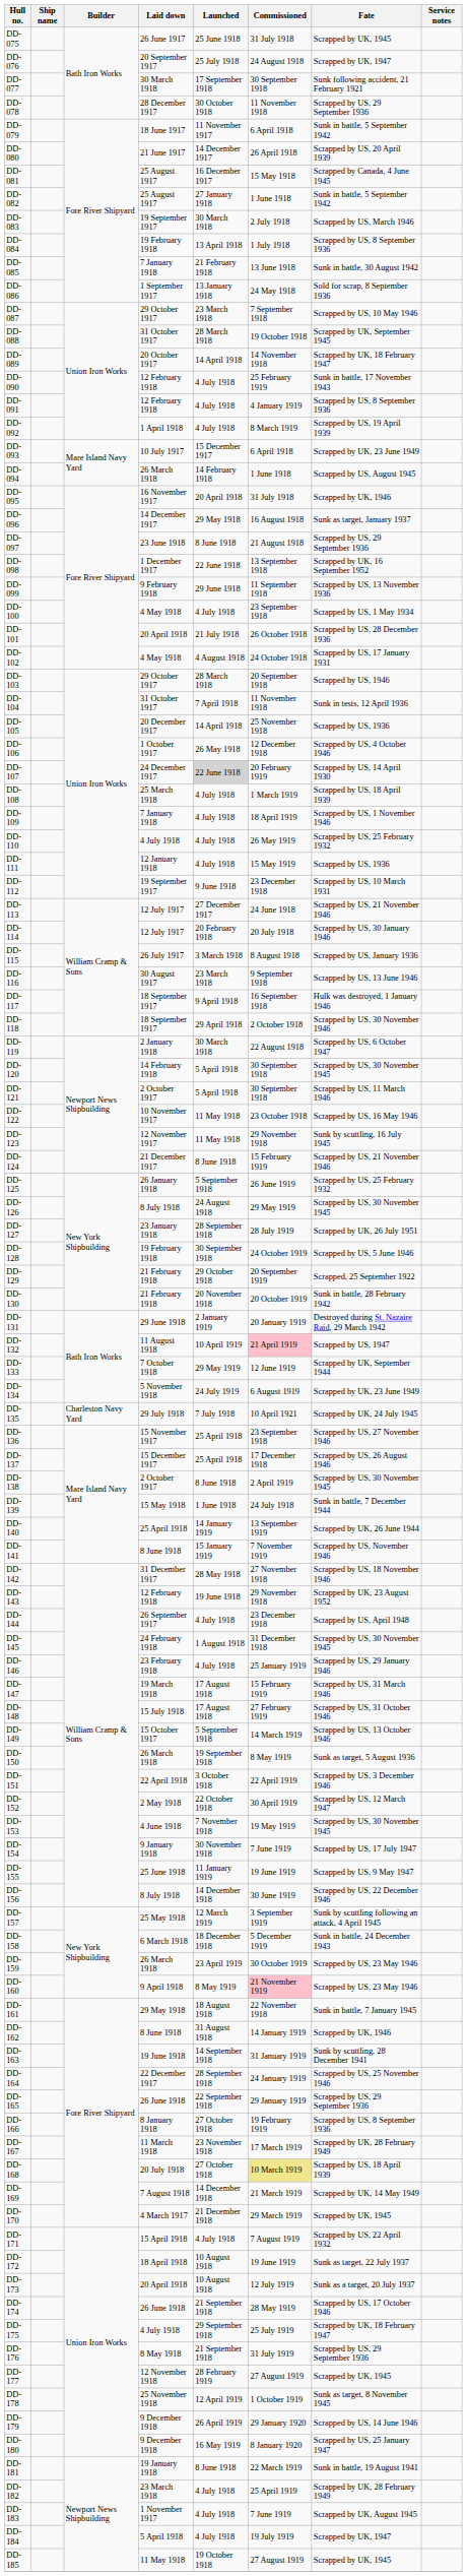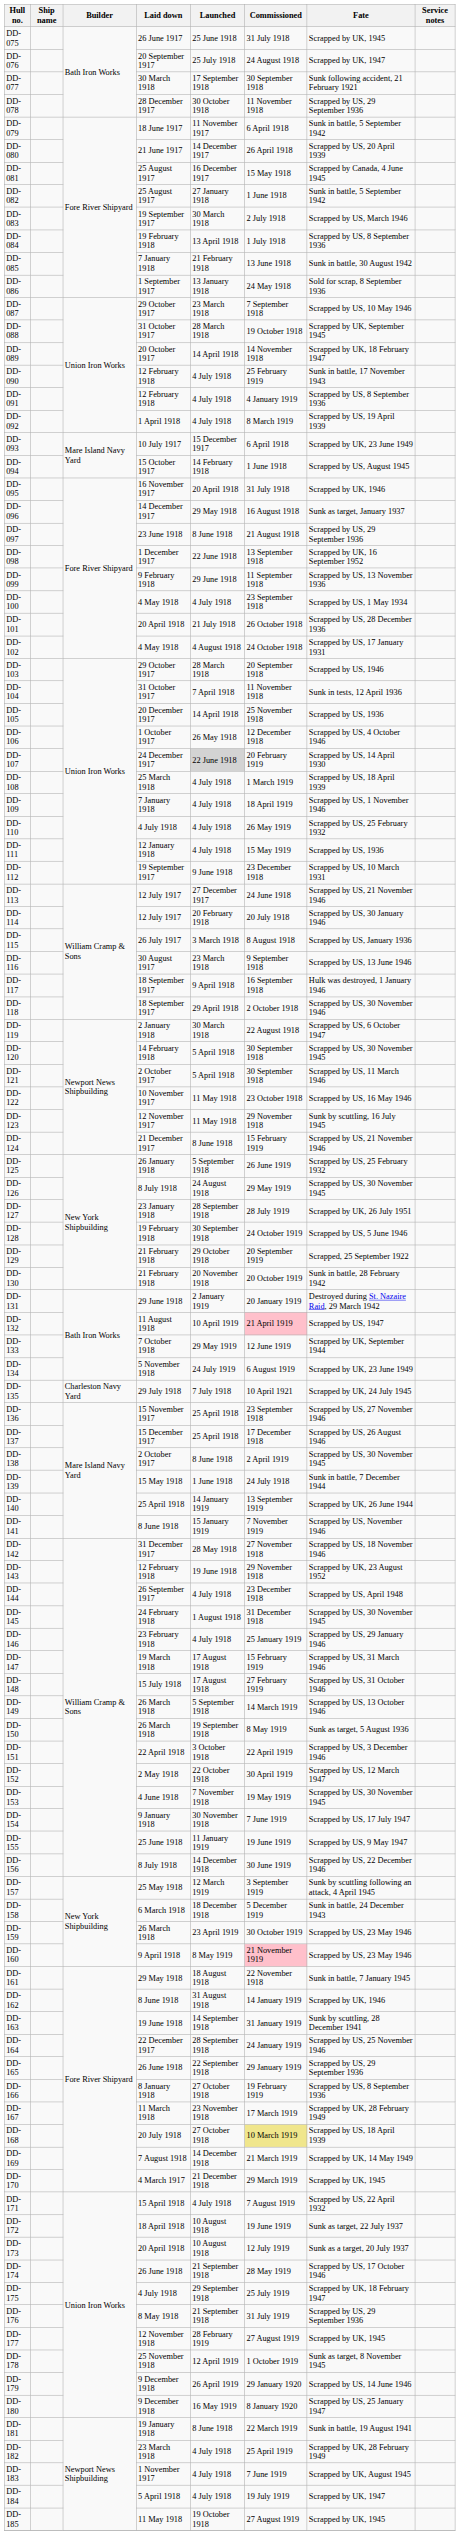 <table class="sortable wikitable">
 <tr>
 <th>Hull no.</th>
 <th>Ship name</th>
 <th>Builder</th>
 <th>Laid down</th>
 <th>Launched</th>
 <th>Commissioned</th>
 <th>Fate</th>
 <th>Service notes</th>
 </tr>
 <tr>
 <td>DD-075</td>
 <td></td>
 <td rowspan=4>Bath Iron Works</td>
 <td>26 June 1917</td>
 <td>25 June 1918</td>
 <td>31 July 1918</td>
 <td>Scrapped by UK, 1945</td>
 <td></td>
 </tr>
 <tr>
 <td>DD-076</td>
 <td></td>
 <td>20 September 1917</td>
 <td>25 July 1918</td>
 <td>24 August 1918</td>
 <td>Scrapped by UK, 1947</td>
 <td></td>
 </tr>
 <tr>
 <td>DD-077</td>
 <td></td>
 <td>30 March 1918</td>
 <td>17 September 1918</td>
 <td>30 September 1918</td>
 <td>Sunk following accident, 21 February 1921</td>
 <td></td>
 </tr>
 <tr>
 <td>DD-078</td>
 <td></td>
 <td>28 December 1917</td>
 <td>30 October 1918</td>
 <td>11 November 1918</td>
 <td>Scrapped by US, 29 September 1936</td>
 <td> </td>
 </tr>
 <tr>
 <td>DD-079</td>
 <td></td>
 <td rowspan=8>Fore River Shipyard</td>
 <td>18 June 1917</td>
 <td>11 November 1917</td>
 <td>6 April 1918</td>
 <td>Sunk in battle, 5 September 1942</td>
 <td></td>
 </tr>
 <tr>
 <td>DD-080</td>
 <td></td>
 <td>21 June 1917</td>
 <td>14 December 1917</td>
 <td>26 April 1918</td>
 <td>Scrapped by US, 20 April 1939</td>
 <td></td>
 </tr>
 <tr>
 <td>DD-081</td>
 <td></td>
 <td>25 August 1917</td>
 <td>16 December 1917</td>
 <td>15 May 1918</td>
 <td>Scrapped by Canada, 4 June 1945</td>
 <td> </td>
 </tr>
 <tr>
 <td>DD-082</td>
 <td></td>
 <td>25 August 1917</td>
 <td>27 January 1918</td>
 <td>1 June 1918</td>
 <td>Sunk in battle, 5 September 1942</td>
 <td> </td>
 </tr>
 <tr>
 <td>DD-083</td>
 <td></td>
 <td>19 September 1917</td>
 <td>30 March 1918</td>
 <td>2 July 1918</td>
 <td>Scrapped by US, March 1946</td>
 <td> </td>
 </tr>
 <tr>
 <td>DD-084</td>
 <td></td>
 <td>19 February 1918</td>
 <td>13 April 1918</td>
 <td>1 July 1918</td>
 <td>Scrapped by US, 8 September 1936</td>
 <td></td>
 </tr>
 <tr>
 <td>DD-085</td>
 <td></td>
 <td>7 January 1918</td>
 <td>21 February 1918</td>
 <td>13 June 1918</td>
 <td>Sunk in battle, 30 August 1942</td>
 <td></td>
 </tr>
 <tr>
 <td>DD-086</td>
 <td></td>
 <td>1 September 1917</td>
 <td>13 January 1918</td>
 <td>24 May 1918</td>
 <td>Sold for scrap, 8 September 1936</td>
 <td></td>
 </tr>
 <tr>
 <td>DD-087</td>
 <td></td>
 <td rowspan=6>Union Iron Works</td>
 <td>29 October 1917</td>
 <td>23 March 1918</td>
 <td>7 September 1918</td>
 <td>Scrapped by US, 10 May 1946</td>
 <td></td>
 </tr>
 <tr>
 <td>DD-088</td>
 <td></td>
 <td>31 October 1917</td>
 <td>28 March 1918</td>
 <td>19 October 1918</td>
 <td>Scrapped by UK, September 1945</td>
 <td></td>
 </tr>
 <tr>
 <td>DD-089</td>
 <td></td>
 <td>20 October 1917</td>
 <td>14 April 1918</td>
 <td>14 November 1918</td>
 <td>Scrapped by UK, 18 February 1947</td>
 <td></td>
 </tr>
 <tr>
 <td>DD-090</td>
 <td></td>
 <td>12 February 1918</td>
 <td>4 July 1918</td>
 <td>25 February 1919</td>
 <td>Sunk in battle, 17 November 1943</td>
 <td></td>
 </tr>
 <tr>
 <td>DD-091</td>
 <td></td>
 <td>12 February 1918</td>
 <td>4 July 1918</td>
 <td>4 January 1919</td>
 <td>Scrapped by US, 8 September 1936</td>
 <td></td>
 </tr>
 <tr>
 <td>DD-092</td>
 <td></td>
 <td>1 April 1918</td>
 <td>4 July 1918</td>
 <td>8 March 1919</td>
 <td>Scrapped by US, 19 April 1939</td>
 <td></td>
 </tr>
 <tr>
 <td>DD-093</td>
 <td></td>
 <td rowspan=2>Mare Island Navy Yard</td>
 <td>10 July 1917</td>
 <td>15 December 1917</td>
 <td>6 April 1918</td>
 <td>Scrapped by UK, 23 June 1949</td>
 <td> </td>
 </tr>
 <tr>
 <td>DD-094</td>
 <td></td>
-<td>26 March 1918</td>
+<td>15 October 1917</td>
 <td>14 February 1918</td>
 <td>1 June 1918</td>
 <td>Scrapped by US, August 1945</td>
 <td> </td>
 </tr>
 <tr>
 <td>DD-095</td>
 <td></td>
 <td rowspan=8>Fore River Shipyard</td>
 <td>16 November 1917</td>
 <td>20 April 1918</td>
 <td>31 July 1918</td>
 <td>Scrapped by UK, 1946</td>
 <td> </td>
 </tr>
 <tr>
 <td>DD-096</td>
 <td></td>
 <td>14 December 1917</td>
 <td>29 May 1918</td>
 <td>16 August 1918</td>
 <td>Sunk as target, January 1937</td>
 <td></td>
 </tr>
 <tr>
 <td>DD-097</td>
 <td></td>
 <td>23 June 1918</td>
 <td>8 June 1918</td>
 <td>21 August 1918</td>
 <td>Scrapped by US, 29 September 1936</td>
 <td></td>
 </tr>
 <tr>
 <td>DD-098</td>
 <td></td>
 <td>1 December 1917</td>
 <td>22 June 1918</td>
 <td>13 September 1918</td>
 <td>Scrapped by UK, 16 September 1952</td>
 <td></td>
 </tr>
 <tr>
 <td>DD-099</td>
 <td></td>
 <td>9 February 1918</td>
 <td>29 June 1918</td>
 <td>11 September 1918</td>
 <td>Scrapped by US, 13 November 1936</td>
 <td></td>
 </tr>
 <tr>
 <td>DD-100</td>
 <td></td>
 <td>4 May 1918</td>
 <td>4 July 1918</td>
 <td>23 September 1918</td>
 <td>Scrapped by US, 1 May 1934</td>
 <td></td>
 </tr>
 <tr>
 <td>DD-101</td>
 <td></td>
 <td>20 April 1918</td>
 <td>21 July 1918</td>
 <td>26 October 1918</td>
 <td>Scrapped by US, 28 December 1936</td>
 <td></td>
 </tr>
 <tr>
 <td>DD-102</td>
 <td></td>
 <td>4 May 1918</td>
 <td>4 August 1918</td>
 <td>24 October 1918</td>
 <td>Scrapped by US, 17 January 1931</td>
 <td></td>
 </tr>
 <tr>
 <td>DD-103</td>
 <td></td>
 <td rowspan=10>Union Iron Works</td>
 <td>29 October 1917</td>
 <td>28 March 1918</td>
 <td>20 September 1918</td>
 <td>Scrapped by US, 1946</td>
 <td></td>
 </tr>
 <tr>
 <td>DD-104</td>
 <td></td>
 <td>31 October 1917</td>
 <td>7 April 1918</td>
 <td>11 November 1918</td>
 <td>Sunk in tests, 12 April 1936</td>
 <td> </td>
 </tr>
 <tr>
 <td>DD-105</td>
 <td></td>
 <td>20 December 1917</td>
 <td>14 April 1918</td>
 <td>25 November 1918</td>
 <td>Scrapped by US, 1936</td>
 <td></td>
 </tr>
 <tr>
 <td>DD-106</td>
 <td></td>
 <td>1 October 1917</td>
 <td>26 May 1918</td>
 <td>12 December 1918</td>
 <td>Scrapped by US, 4 October 1946</td>
 <td> </td>
 </tr>
 <tr>
 <td>DD-107</td>
 <td></td>
 <td>24 December 1917</td>
 <td style="background: lightgrey;">22 June 1918</td>
 <td>20 February 1919</td>
 <td>Scrapped by US, 14 April 1930</td>
 <td></td>
 </tr>
 <tr>
 <td>DD-108</td>
 <td></td>
 <td>25 March 1918</td>
 <td>4 July 1918</td>
 <td>1 March 1919</td>
 <td>Scrapped by US, 18 April 1939</td>
 <td> </td>
 </tr>
 <tr>
 <td>DD-109</td>
 <td></td>
 <td>7 January 1918</td>
 <td>4 July 1918</td>
 <td>18 April 1919</td>
 <td>Scrapped by US, 1 November 1946</td>
 <td></td>
 </tr>
 <tr>
 <td>DD-110</td>
 <td></td>
 <td>4 July 1918</td>
 <td>4 July 1918</td>
 <td>26 May 1919</td>
 <td>Scrapped by US, 25 February 1932</td>
 <td></td>
 </tr>
 <tr>
 <td>DD-111</td>
 <td></td>
 <td>12 January 1918</td>
 <td>4 July 1918</td>
 <td>15 May 1919</td>
 <td>Scrapped by US, 1936</td>
 <td></td>
 </tr>
 <tr>
 <td>DD-112</td>
 <td></td>
 <td>19 September 1917</td>
 <td>9 June 1918</td>
 <td>23 December 1918</td>
 <td>Scrapped by US, 10 March 1931</td>
 <td></td>
 </tr>
 <tr>
 <td>DD-113</td>
 <td></td>
 <td rowspan=6>William Cramp & Sons</td>
 <td>12 July 1917</td>
 <td>27 December 1917</td>
 <td>24 June 1918</td>
 <td>Scrapped by US, 21 November 1946</td>
 <td></td>
 </tr>
 <tr>
 <td>DD-114</td>
 <td></td>
 <td>12 July 1917</td>
 <td>20 February 1918</td>
 <td>20 July 1918</td>
 <td>Scrapped by US, 30 January 1946</td>
 <td> </td>
 </tr>
 <tr>
 <td>DD-115</td>
 <td></td>
 <td>26 July 1917</td>
 <td>3 March 1918</td>
 <td>8 August 1918</td>
 <td>Scrapped by US, January 1936</td>
 <td> </td>
 </tr>
 <tr>
 <td>DD-116</td>
 <td></td>
 <td>30 August 1917</td>
 <td>23 March 1918</td>
 <td>9 September 1918</td>
 <td>Scrapped by US, 13 June 1946</td>
 <td></td>
 </tr>
 <tr>
 <td>DD-117</td>
 <td></td>
 <td>18 September 1917</td>
 <td>9 April 1918</td>
 <td>16 September 1918</td>
 <td>Hulk was destroyed, 1 January 1946</td>
 <td></td>
 </tr>
 <tr>
 <td>DD-118</td>
 <td></td>
 <td>18 September 1917</td>
 <td>29 April 1918</td>
 <td>2 October 1918</td>
 <td>Scrapped by US, 30 November 1946</td>
 <td></td>
 </tr>
 <tr>
 <td>DD-119</td>
 <td></td>
 <td rowspan=6>Newport News Shipbuilding</td>
 <td>2 January 1918</td>
 <td>30 March 1918</td>
 <td>22 August 1918</td>
 <td>Scrapped by US, 6 October 1947</td>
 <td></td>
 </tr>
 <tr>
 <td>DD-120</td>
 <td></td>
 <td>14 February 1918</td>
 <td>5 April 1918</td>
 <td>30 September 1918</td>
 <td>Scrapped by US, 30 November 1945</td>
 <td></td>
 </tr>
 <tr>
 <td>DD-121</td>
 <td></td>
 <td>2 October 1917</td>
 <td>5 April 1918</td>
 <td>30 September 1918</td>
 <td>Scrapped by US, 11 March 1946</td>
 <td></td>
 </tr>
 <tr>
 <td>DD-122</td>
 <td></td>
 <td>10 November 1917</td>
 <td>11 May 1918</td>
 <td>23 October 1918</td>
 <td>Scrapped by US, 16 May 1946</td>
 <td> </td>
 </tr>
 <tr>
 <td>DD-123</td>
 <td></td>
 <td>12 November 1917</td>
 <td>11 May 1918</td>
 <td>29 November 1918</td>
 <td>Sunk by scuttling, 16 July 1945</td>
 <td></td>
 </tr>
 <tr>
 <td>DD-124</td>
 <td></td>
 <td>21 December 1917</td>
 <td>8 June 1918</td>
 <td>15 February 1919</td>
 <td>Scrapped by US, 21 November 1946</td>
 <td></td>
 </tr>
 <tr>
 <td>DD-125</td>
 <td></td>
 <td rowspan=6>New York Shipbuilding</td>
 <td>26 January 1918</td>
 <td>5 September 1918</td>
 <td>26 June 1919</td>
 <td>Scrapped by US, 25 February 1932</td>
 <td> </td>
 </tr>
 <tr>
 <td>DD-126</td>
 <td></td>
 <td>8 July 1918</td>
 <td>24 August 1918</td>
 <td>29 May 1919</td>
 <td>Scrapped by US, 30 November 1945</td>
 <td> </td>
 </tr>
 <tr>
 <td>DD-127</td>
 <td></td>
 <td>23 January 1918</td>
 <td>28 September 1918</td>
 <td>28 July 1919</td>
 <td>Scrapped by UK, 26 July 1951</td>
 <td> </td>
 </tr>
 <tr>
 <td>DD-128</td>
 <td></td>
 <td>19 February 1918</td>
 <td>30 September 1918</td>
 <td>24 October 1919</td>
 <td>Scrapped by US, 5 June 1946</td>
 <td> </td>
 </tr>
 <tr>
 <td>DD-129</td>
 <td></td>
 <td>21 February 1918</td>
 <td>29 October 1918</td>
 <td>20 September 1919</td>
 <td>Scrapped, 25 September 1922</td>
 <td></td>
 </tr>
 <tr>
 <td>DD-130</td>
 <td></td>
 <td>21 February 1918</td>
 <td>20 November 1918</td>
 <td>20 October 1919</td>
 <td>Sunk in battle, 28 February 1942</td>
 <td></td>
 </tr>
 <tr>
 <td>DD-131</td>
 <td></td>
 <td rowspan=4>Bath Iron Works</td>
 <td>29 June 1918</td>
 <td>2 January 1919</td>
 <td>20 January 1919</td>
 <td>Destroyed during <a href='#'>St. Nazaire Raid</a>, 29 March 1942</td>
 <td> </td>
 </tr>
 <tr>
 <td>DD-132</td>
 <td></td>
 <td>11 August 1918</td>
 <td>10 April 1919</td>
 <td style="background: pink;">21 April 1919</td>
 <td>Scrapped by US, 1947</td>
 <td></td>
 </tr>
 <tr>
 <td>DD-133</td>
 <td></td>
 <td>7 October 1918</td>
 <td>29 May 1919</td>
 <td>12 June 1919</td>
 <td>Scrapped by UK, September 1944</td>
 <td> </td>
 </tr>
 <tr>
 <td>DD-134</td>
 <td></td>
 <td>5 November 1918</td>
 <td>24 July 1919</td>
 <td>6 August 1919</td>
 <td>Scrapped by UK, 23 June 1949</td>
 <td> </td>
 </tr>
 <tr>
 <td>DD-135</td>
 <td></td>
 <td>Charleston Navy Yard</td>
 <td>29 July 1918</td>
 <td>7 July 1918</td>
 <td>10 April 1921</td>
 <td>Scrapped by UK, 24 July 1945</td>
 <td> </td>
 </tr>
 <tr>
 <td>DD-136</td>
 <td></td>
 <td rowspan=6>Mare Island Navy Yard</td>
 <td>15 November 1917</td>
 <td>25 April 1918</td>
 <td>23 September 1918</td>
 <td>Scrapped by US, 27 November 1946</td>
 <td> </td>
 </tr>
 <tr>
 <td>DD-137</td>
 <td></td>
 <td>15 December 1917</td>
 <td>25 April 1918</td>
 <td>17 December 1918</td>
 <td>Scrapped by US, 26 August 1946</td>
 <td></td>
 </tr>
 <tr>
 <td>DD-138</td>
 <td></td>
 <td>2 October 1917</td>
 <td>8 June 1918</td>
 <td>2 April 1919</td>
 <td>Scrapped by US, 30 November 1945</td>
 <td></td>
 </tr>
 <tr>
 <td>DD-139</td>
 <td></td>
 <td>15 May 1918</td>
 <td>1 June 1918</td>
 <td>24 July 1918</td>
 <td>Sunk in battle, 7 December 1944</td>
 <td></td>
 </tr>
 <tr>
 <td>DD-140</td>
 <td></td>
 <td>25 April 1918</td>
 <td>14 January 1919</td>
 <td>13 September 1919</td>
 <td>Scrapped by UK, 26 June 1944</td>
 <td> </td>
 </tr>
 <tr>
 <td>DD-141</td>
 <td></td>
 <td>8 June 1918</td>
 <td>15 January 1919</td>
 <td>7 November 1919</td>
 <td>Scrapped by US, November 1946</td>
 <td></td>
 </tr>
 <tr>
 <td>DD-142</td>
 <td></td>
 <td rowspan=15>William Cramp & Sons</td>
 <td>31 December 1917</td>
 <td>28 May 1918</td>
 <td>27 November 1918</td>
 <td>Scrapped by US, 18 November 1946</td>
 <td> </td>
 </tr>
 <tr>
 <td>DD-143</td>
 <td></td>
 <td>12 February 1918</td>
 <td>19 June 1918</td>
 <td>29 November 1918</td>
 <td>Scrapped by UK, 23 August 1952</td>
 <td> </td>
 </tr>
 <tr>
 <td>DD-144</td>
 <td></td>
 <td>26 September 1917</td>
 <td>4 July 1918</td>
 <td>23 December 1918</td>
 <td>Scrapped by US, April 1948</td>
 <td> </td>
 </tr>
 <tr>
 <td>DD-145</td>
 <td></td>
 <td>24 February 1918</td>
 <td>1 August 1918</td>
 <td>31 December 1918</td>
 <td>Scrapped by US, 30 November 1945</td>
 <td> </td>
 </tr>
 <tr>
 <td>DD-146</td>
 <td></td>
 <td>23 February 1918</td>
 <td>4 July 1918</td>
 <td>25 January 1919</td>
 <td>Scrapped by US, 29 January 1946</td>
 <td></td>
 </tr>
 <tr>
 <td>DD-147</td>
 <td></td>
 <td>19 March 1918</td>
 <td>17 August 1918</td>
 <td>15 February 1919</td>
 <td>Scrapped by US, 31 March 1946</td>
 <td></td>
 </tr>
 <tr>
 <td>DD-148</td>
 <td></td>
 <td>15 July 1918</td>
 <td>17 August 1918</td>
 <td>27 February 1919</td>
 <td>Scrapped by US, 31 October 1946</td>
 <td> </td>
 </tr>
 <tr>
 <td>DD-149</td>
 <td></td>
-<td>15 October 1917</td>
+<td>26 March 1918</td>
 <td>5 September 1918</td>
 <td>14 March 1919</td>
 <td>Scrapped by US, 13 October 1946</td>
 <td> </td>
 </tr>
 <tr>
 <td>DD-150</td>
 <td></td>
 <td>26 March 1918</td>
 <td>19 September 1918</td>
 <td>8 May 1919</td>
 <td>Sunk as target, 5 August 1936</td>
 <td> </td>
 </tr>
 <tr>
 <td>DD-151</td>
 <td></td>
 <td>22 April 1918</td>
 <td>3 October 1918</td>
 <td>22 April 1919</td>
 <td>Scrapped by US, 3 December 1946</td>
 <td> </td>
 </tr>
 <tr>
 <td>DD-152</td>
 <td></td>
 <td>2 May 1918</td>
 <td>22 October 1918</td>
 <td>30 April 1919</td>
 <td>Scrapped by US, 12 March 1947</td>
 <td></td>
 </tr>
 <tr>
 <td>DD-153</td>
 <td></td>
 <td>4 June 1918</td>
 <td>7 November 1918</td>
 <td>19 May 1919</td>
 <td>Scrapped by US, 30 November 1945</td>
 <td> </td>
 </tr>
 <tr>
 <td>DD-154</td>
 <td></td>
 <td>9 January 1918</td>
 <td>30 November 1918</td>
 <td>7 June 1919</td>
 <td>Scrapped by US, 17 July 1947</td>
 <td></td>
 </tr>
 <tr>
 <td>DD-155</td>
 <td></td>
 <td>25 June 1918</td>
 <td>11 January 1919</td>
 <td>19 June 1919</td>
 <td>Scrapped by US, 9 May 1947</td>
 <td></td>
 </tr>
 <tr>
 <td>DD-156</td>
 <td></td>
 <td>8 July 1918</td>
 <td>14 December 1918</td>
 <td>30 June 1919</td>
 <td>Scrapped by US, 22 December 1946</td>
 <td></td>
 </tr>
 <tr>
 <td>DD-157</td>
 <td></td>
 <td rowspan=4>New York Shipbuilding</td>
 <td>25 May 1918</td>
 <td>12 March 1919</td>
 <td>3 September 1919</td>
 <td>Sunk by scuttling following an attack, 4 April 1945</td>
 <td> </td>
 </tr>
 <tr>
 <td>DD-158</td>
 <td></td>
 <td>6 March 1918</td>
 <td>18 December 1918</td>
 <td>5 December 1919</td>
 <td>Sunk in battle, 24 December 1943</td>
 <td></td>
 </tr>
 <tr>
 <td>DD-159</td>
 <td></td>
 <td>26 March 1918</td>
 <td>23 April 1919</td>
 <td>30 October 1919</td>
 <td>Scrapped by US, 23 May 1946</td>
 <td></td>
 </tr>
 <tr>
 <td>DD-160</td>
 <td></td>
 <td>9 April 1918</td>
 <td>8 May 1919</td>
 <td style="background: pink;">21 November 1919</td>
 <td>Scrapped by US, 23 May 1946</td>
 <td></td>
 </tr>
 <tr>
 <td>DD-161</td>
 <td></td>
 <td rowspan=10>Fore River Shipyard</td>
 <td>29 May 1918</td>
 <td>18 August 1918</td>
 <td>22 November 1918</td>
 <td>Sunk in battle, 7 January 1945</td>
 <td> </td>
 </tr>
 <tr>
 <td>DD-162</td>
 <td></td>
 <td>8 June 1918</td>
 <td>31 August 1918</td>
 <td>14 January 1919</td>
 <td>Scrapped by UK, 1946</td>
 <td> </td>
 </tr>
 <tr>
 <td>DD-163</td>
 <td></td>
 <td>19 June 1918</td>
 <td>14 September 1918</td>
 <td>31 January 1919</td>
 <td>Sunk by scuttling, 28 December 1941</td>
 <td></td>
 </tr>
 <tr>
 <td>DD-164</td>
 <td></td>
 <td>22 December 1917</td>
 <td>28 September 1918</td>
 <td>24 January 1919</td>
 <td>Scrapped by US, 25 November 1946</td>
 <td></td>
 </tr>
 <tr>
 <td>DD-165</td>
 <td></td>
 <td>26 June 1918</td>
 <td>22 September 1918</td>
 <td>29 January 1919</td>
 <td>Scrapped by US, 29 September 1936</td>
 <td></td>
 </tr>
 <tr>
 <td>DD-166</td>
 <td></td>
 <td>8 January 1918</td>
 <td>27 October 1918</td>
 <td>19 February 1919</td>
 <td>Scrapped by US, 8 September 1936</td>
 <td> </td>
 </tr>
 <tr>
 <td>DD-167</td>
 <td></td>
 <td>11 March 1918</td>
 <td>23 November 1918</td>
 <td>17 March 1919</td>
 <td>Scrapped by UK, 28 February 1949</td>
 <td> </td>
 </tr>
 <tr>
 <td>DD-168</td>
 <td></td>
 <td>20 July 1918</td>
 <td>27 October 1918</td>
 <td style="background: khaki;">10 March 1919</td>
 <td>Scrapped by US, 18 April 1939</td>
 <td> </td>
 </tr>
 <tr>
 <td>DD-169</td>
 <td></td>
 <td>7 August 1918</td>
 <td>14 December 1918</td>
 <td>21 March 1919</td>
 <td>Scrapped by UK, 14 May 1949</td>
 <td></td>
 </tr>
 <tr>
 <td>DD-170</td>
 <td></td>
 <td>4 March 1917</td>
 <td>21 December 1918</td>
 <td>29 March 1919</td>
 <td>Scrapped by UK, 1945</td>
 <td></td>
 </tr>
 <tr>
 <td>DD-171</td>
 <td></td>
 <td rowspan=10>Union Iron Works</td>
 <td>15 April 1918</td>
 <td>4 July 1918</td>
 <td>7 August 1919</td>
 <td>Scrapped by US, 22 April 1932</td>
 <td> </td>
 </tr>
 <tr>
 <td>DD-172</td>
 <td></td>
 <td>18 April 1918</td>
 <td>10 August 1918</td>
 <td>19 June 1919</td>
 <td>Sunk as target, 22 July 1937</td>
 <td> </td>
 </tr>
 <tr>
 <td>DD-173</td>
 <td></td>
 <td>20 April 1918</td>
 <td>10 August 1918</td>
 <td>12 July 1919</td>
 <td>Sunk as a target, 20 July 1937</td>
 <td></td>
 </tr>
 <tr>
 <td>DD-174</td>
 <td></td>
 <td>26 June 1918</td>
 <td>21 September 1918</td>
 <td>28 May 1919</td>
 <td>Scrapped by US, 17 October 1946</td>
 <td></td>
 </tr>
 <tr>
 <td>DD-175</td>
 <td></td>
 <td>4 July 1918</td>
 <td>29 September 1918</td>
 <td>25 July 1919</td>
 <td>Scrapped by UK, 18 February 1947</td>
 <td> </td>
 </tr>
 <tr>
 <td>DD-176</td>
 <td></td>
 <td>8 May 1918</td>
 <td>21 September 1918</td>
 <td>31 July 1919</td>
 <td>Scrapped by US, 29 September 1936</td>
 <td></td>
 </tr>
 <tr>
 <td>DD-177</td>
 <td></td>
 <td>12 November 1918</td>
 <td>28 February 1919</td>
 <td>27 August 1919</td>
 <td>Scrapped by UK, 1945</td>
 <td></td>
 </tr>
 <tr>
 <td>DD-178</td>
 <td></td>
 <td>25 November 1918</td>
 <td>12 April 1919</td>
 <td>1 October 1919</td>
 <td>Sunk as target, 8 November 1945</td>
 <td> </td>
 </tr>
 <tr>
 <td>DD-179</td>
 <td></td>
 <td>9 December 1918</td>
 <td>26 April 1919</td>
 <td>29 January 1920</td>
 <td>Scrapped by US, 14 June 1946</td>
 <td></td>
 </tr>
 <tr>
 <td>DD-180</td>
 <td></td>
 <td>9 December 1918</td>
 <td>16 May 1919</td>
 <td>8 January 1920</td>
 <td>Scrapped by US, 25 January 1947</td>
 <td></td>
 </tr>
 <tr>
 <td>DD-181</td>
 <td></td>
 <td rowspan=5>Newport News Shipbuilding</td>
 <td>19 January 1918</td>
 <td>8 June 1918</td>
 <td>22 March 1919</td>
 <td>Sunk in battle, 19 August 1941</td>
 <td> </td>
 </tr>
 <tr>
 <td>DD-182</td>
 <td></td>
 <td>23 March 1918</td>
 <td>4 July 1918</td>
 <td>25 April 1919</td>
 <td>Scrapped by UK, 28 February 1949</td>
 <td></td>
 </tr>
 <tr>
 <td>DD-183</td>
 <td></td>
 <td>1 November 1917</td>
 <td>4 July 1918</td>
 <td>7 June 1919</td>
 <td>Scrapped by UK, August 1945</td>
 <td> </td>
 </tr>
 <tr>
 <td>DD-184</td>
 <td></td>
 <td>5 April 1918</td>
 <td>4 July 1918</td>
 <td>19 July 1919</td>
 <td>Scrapped by UK, 1947</td>
 <td> </td>
 </tr>
 <tr>
 <td>DD-185</td>
 <td></td>
 <td>11 May 1918</td>
 <td>19 October 1918</td>
 <td>27 August 1919</td>
 <td>Scrapped by UK, 1945</td>
 <td> </td>
 </tr>
 <tr>
 </tr>
 </table>
